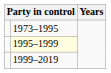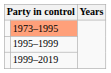 <table class="wikitable">
 <tr>
 <th colspan="2">Party in control</th>
 <th>Years</th>
 </tr>
 <tr>
 <td></td>
-<td>1973–1995</td>
+<td style="background: lightsalmon;">1973–1995</td>
 </tr>
 <tr>
 <td></td>
-<td style="background: lightyellow;">1995–1999</td>
+<td>1995–1999</td>
 </tr>
 <tr>
 <td></td>
 <td>1999–2019</td>
 </tr>
 </table>
